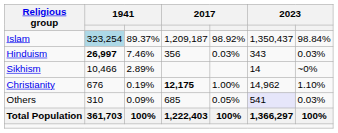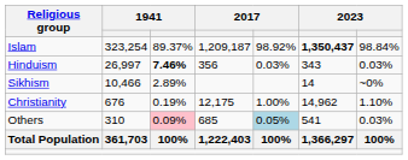 <table class="wikitable sortable">
 <tr>
 <th rowspan="2"><a href='#'>Religious</a><br>group</th>
 <th colspan="2">1941</th>
 <th colspan="2">2017</th>
 <th colspan="2">2023</th>
 </tr>
 <tr>
 <th><a href='#'></a></th>
 <th></th>
 <th></th>
 <th></th>
 <th></th>
 <th></th>
 </tr>
 <tr>
 <td><a href='#'>Islam</a> </td>
-<td style="background: lightblue;">323,254</td>
+<td>323,254</td>
 <td>89.37%</td>
 <td>1,209,187</td>
 <td>98.92%</td>
-<td>1,350,437</td>
+<td><strong>1,350,437</strong></td>
 <td>98.84%</td>
 </tr>
 <tr>
 <td><a href='#'>Hinduism</a> </td>
-<td><strong>26,997</strong></td>
-<td>7.46%</td>
+<td>26,997</td>
+<td><strong>7.46%</strong></td>
 <td>356</td>
 <td>0.03%</td>
 <td>343</td>
 <td>0.03%</td>
 </tr>
 <tr>
 <td><a href='#'>Sikhism</a> </td>
 <td>10,466</td>
 <td>2.89%</td>
 <td></td>
 <td></td>
 <td>14</td>
 <td>~0%</td>
 </tr>
 <tr>
 <td><a href='#'>Christianity</a> </td>
 <td>676</td>
 <td>0.19%</td>
-<td><strong>12,175</strong></td>
+<td>12,175</td>
 <td>1.00%</td>
 <td>14,962</td>
 <td>1.10%</td>
 </tr>
 <tr>
 <td>Others</td>
 <td>310</td>
-<td>0.09%</td>
+<td style="background: pink;">0.09%</td>
 <td>685</td>
-<td>0.05%</td>
-<td style="background: lavender;">541</td>
+<td style="background: lightblue;">0.05%</td>
+<td>541</td>
 <td>0.03%</td>
 </tr>
 <tr>
 <th>Total Population</th>
 <th>361,703</th>
 <th>100%</th>
 <th>1,222,403</th>
 <th>100%</th>
 <th>1,366,297</th>
 <th>100%</th>
 </tr>
 <tr class="sortbottom">
 <td colspan="7"></td>
 </tr>
 </table>
